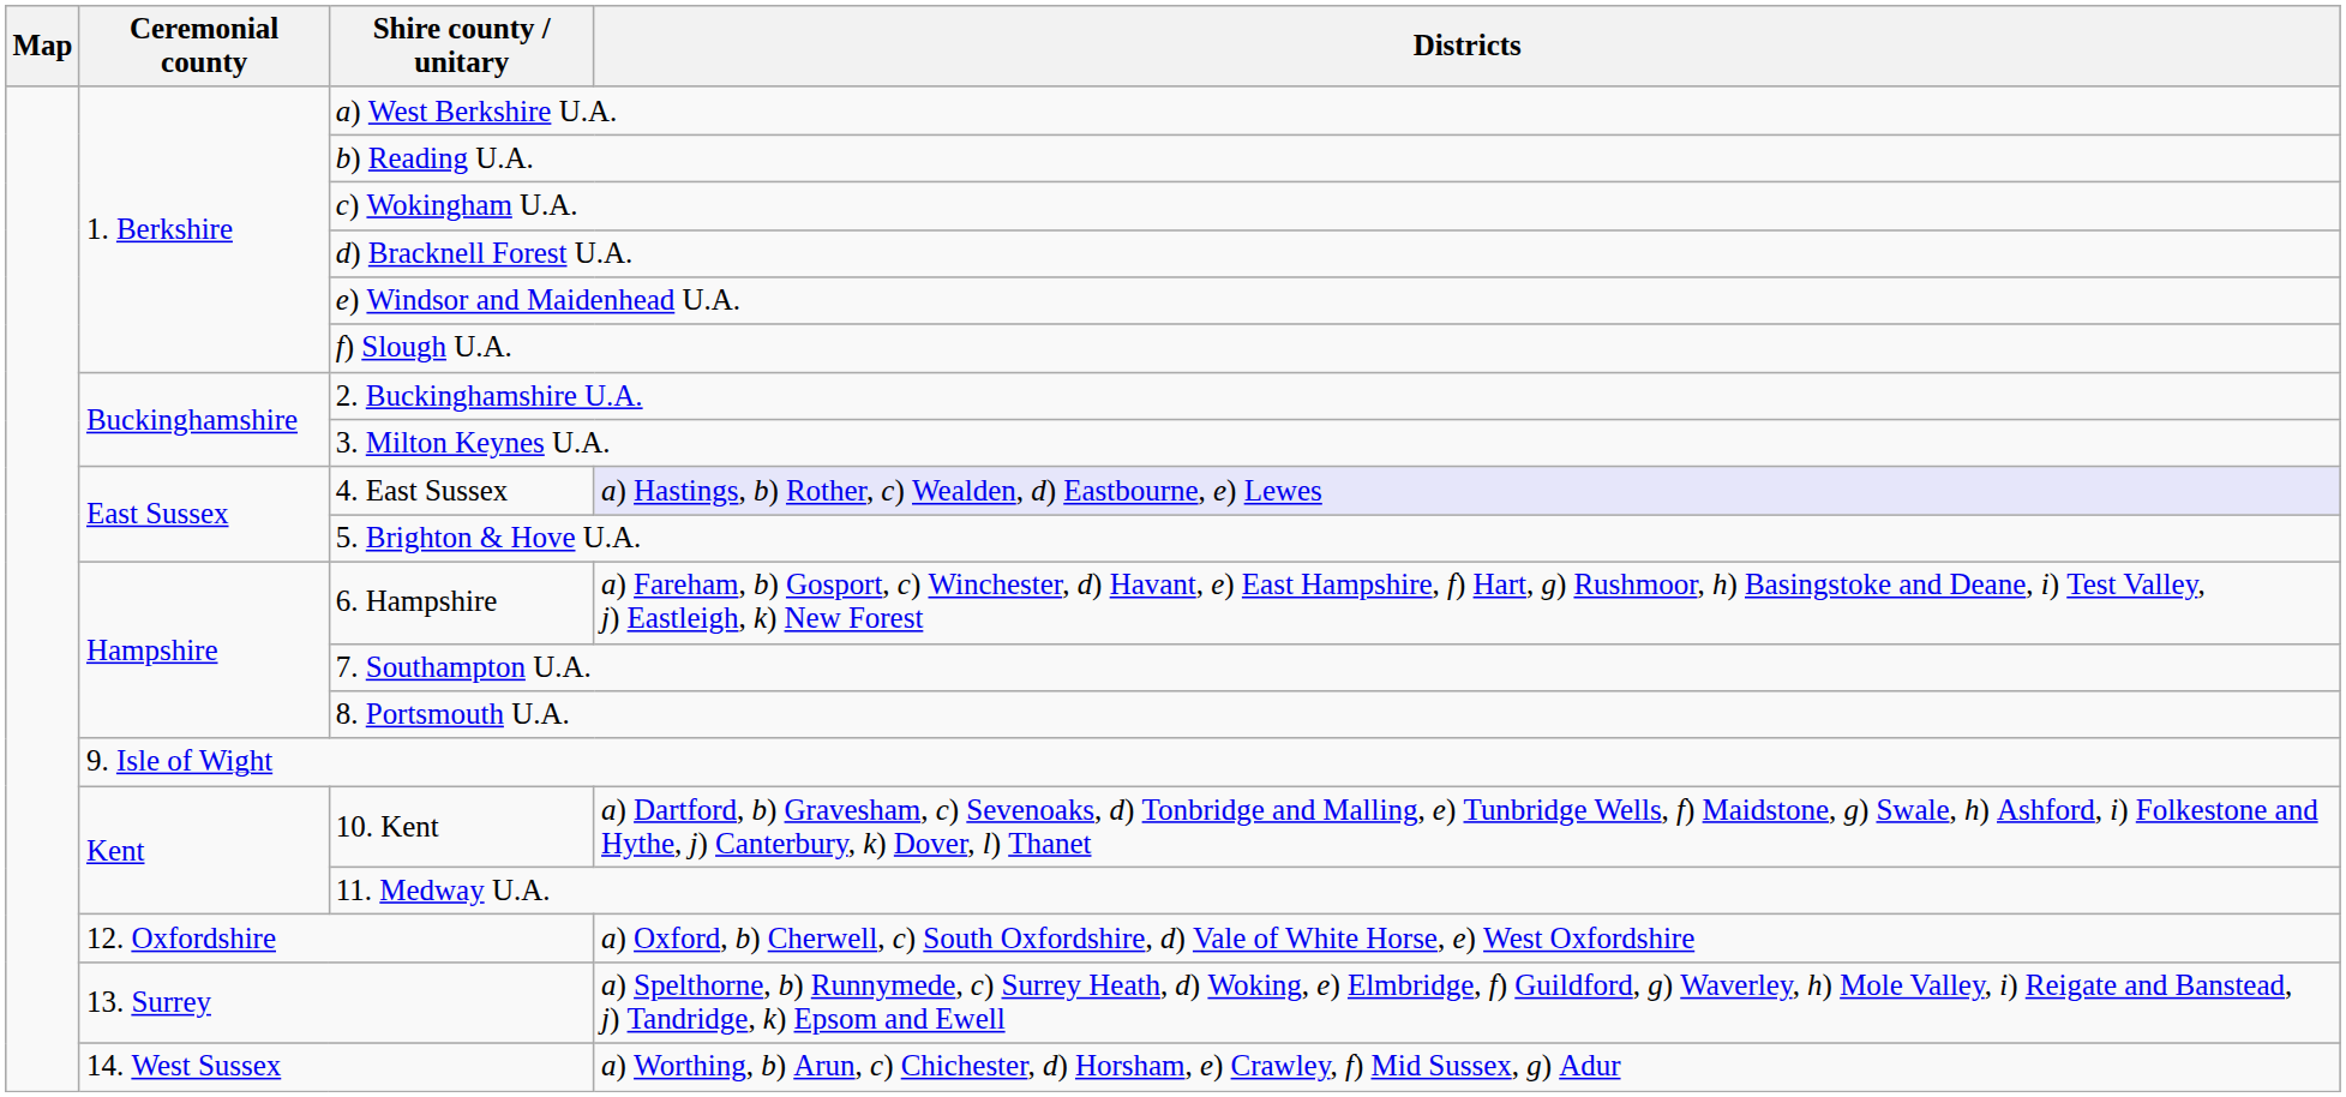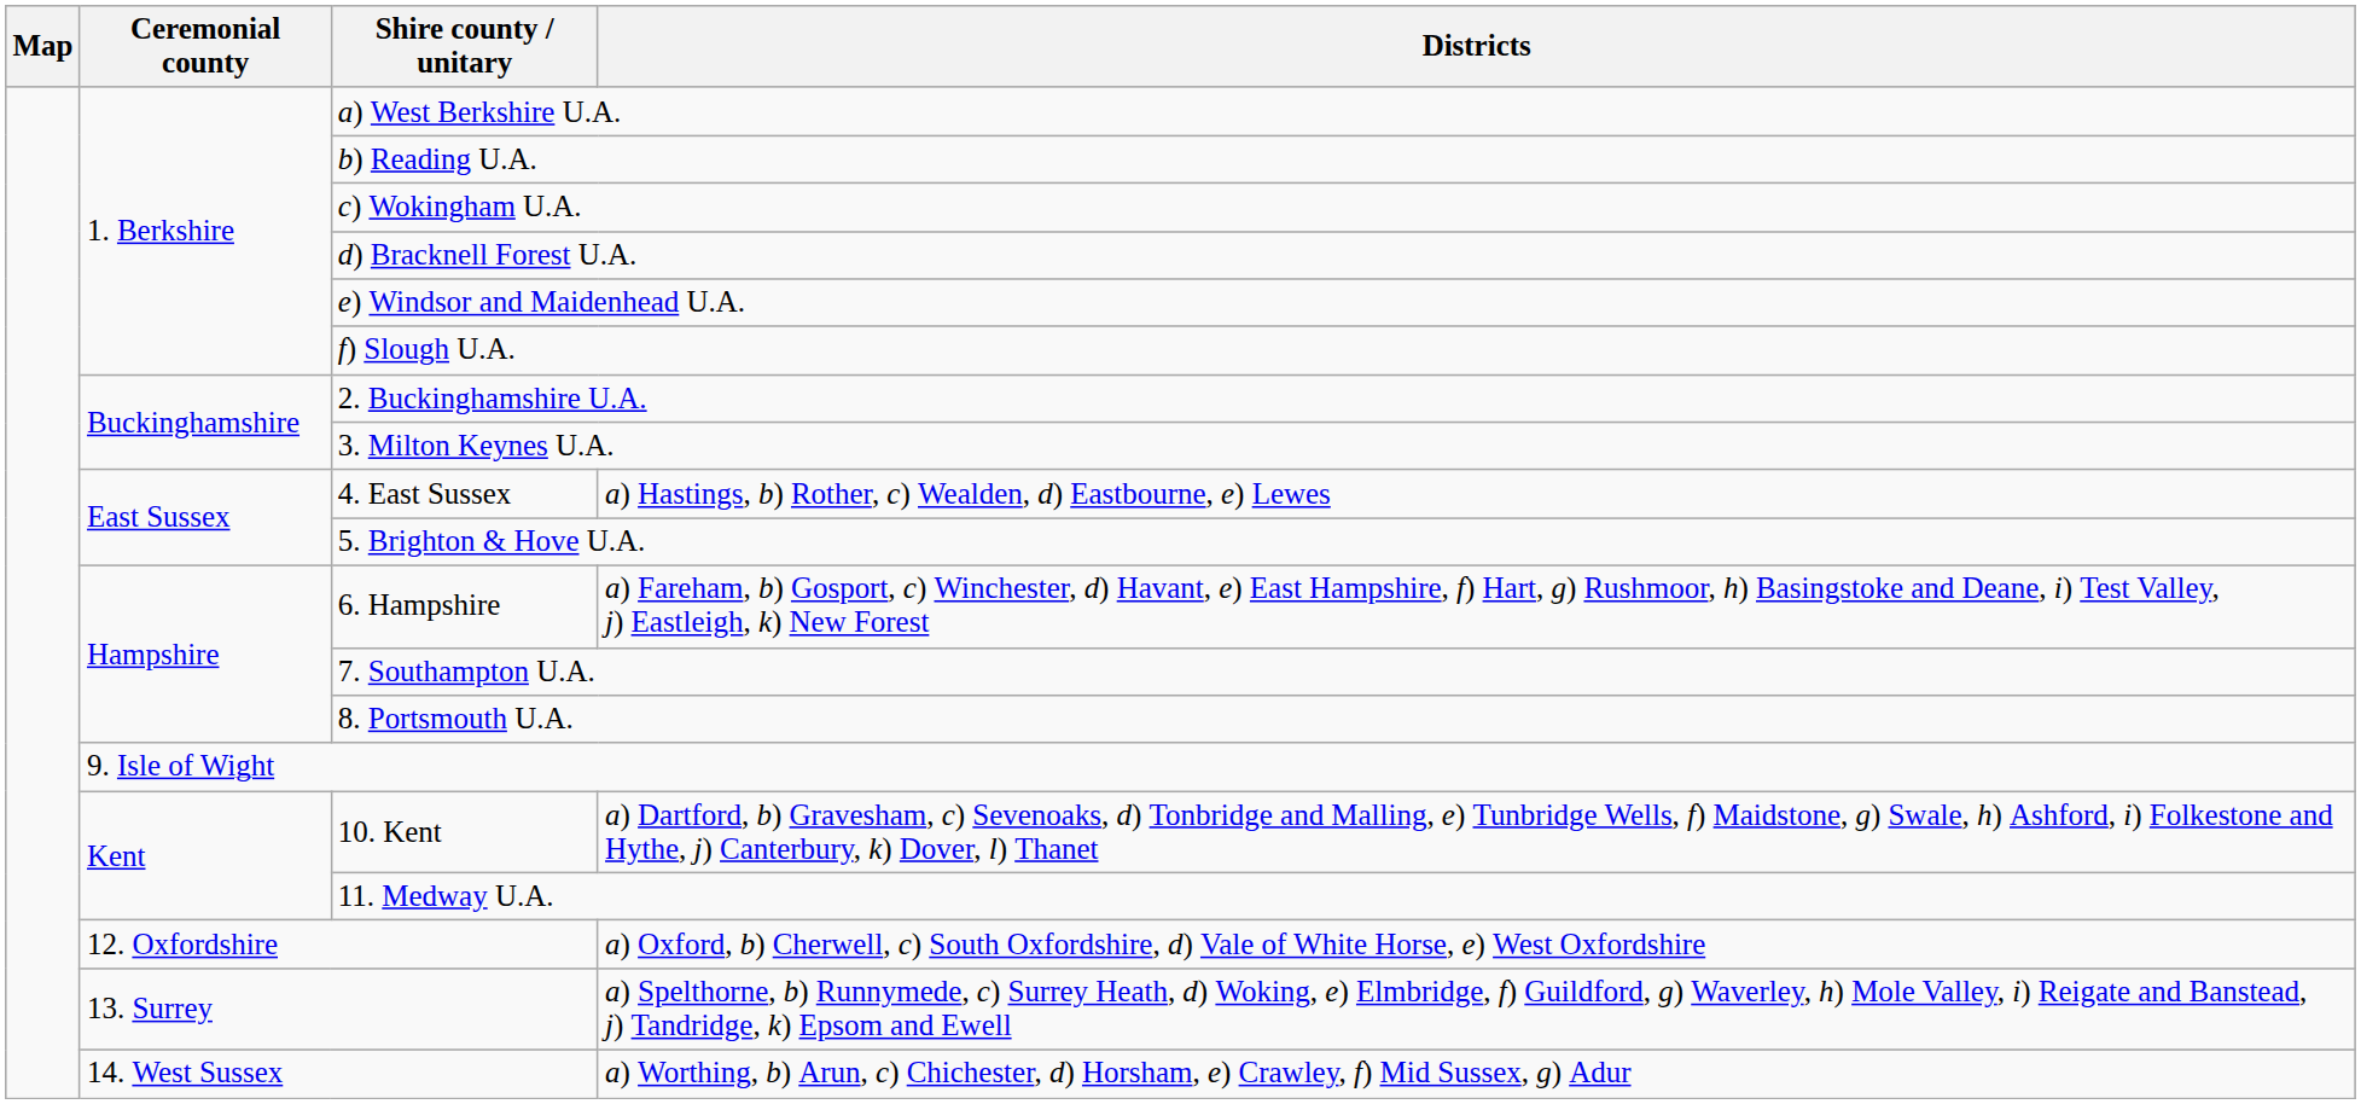 <table class="wikitable">
 <tr>
 <th>Map</th>
 <th>Ceremonial county</th>
 <th>Shire county / unitary</th>
 <th>Districts</th>
 </tr>
 <tr>
 <td rowspan="19"></td>
 <td rowspan="6" colspan="1">1. <a href='#'>Berkshire</a></td>
 <td colspan="2"><em>a</em>) <a href='#'>West Berkshire</a> U.A.</td>
 </tr>
 <tr>
 <td colspan="2"><em>b</em>) <a href='#'>Reading</a> U.A.</td>
 </tr>
 <tr>
 <td colspan="2"><em>c</em>) <a href='#'>Wokingham</a> U.A.</td>
 </tr>
 <tr>
 <td colspan="2"><em>d</em>) <a href='#'>Bracknell Forest</a> U.A.</td>
 </tr>
 <tr>
 <td colspan="2"><em>e</em>) <a href='#'>Windsor and Maidenhead</a> U.A.</td>
 </tr>
 <tr>
 <td colspan="2"><em>f</em>) <a href='#'>Slough</a> U.A.</td>
 </tr>
 <tr>
 <td rowspan="2"><a href='#'>Buckinghamshire</a></td>
 <td colspan="2">2. <a href='#'>Buckinghamshire U.A.</a></td>
 </tr>
 <tr>
 <td colspan="2">3. <a href='#'>Milton Keynes</a> U.A.</td>
 </tr>
 <tr>
 <td rowspan="2"><a href='#'>East Sussex</a></td>
 <td>4. East Sussex</td>
-<td style="background: lavender;"><em>a</em>) <a href='#'>Hastings</a>, <em>b</em>) <a href='#'>Rother</a>, <em>c</em>) <a href='#'>Wealden</a>, <em>d</em>) <a href='#'>Eastbourne</a>, <em>e</em>) <a href='#'>Lewes</a></td>
+<td><em>a</em>) <a href='#'>Hastings</a>, <em>b</em>) <a href='#'>Rother</a>, <em>c</em>) <a href='#'>Wealden</a>, <em>d</em>) <a href='#'>Eastbourne</a>, <em>e</em>) <a href='#'>Lewes</a></td>
 </tr>
 <tr>
 <td colspan="2">5. <a href='#'>Brighton & Hove</a> U.A.</td>
 </tr>
 <tr>
 <td rowspan="3"><a href='#'>Hampshire</a></td>
 <td>6. Hampshire</td>
 <td><em>a</em>) <a href='#'>Fareham</a>, <em>b</em>) <a href='#'>Gosport</a>, <em>c</em>) <a href='#'>Winchester</a>, <em>d</em>) <a href='#'>Havant</a>, <em>e</em>) <a href='#'>East Hampshire</a>, <em>f</em>) <a href='#'>Hart</a>, <em>g</em>) <a href='#'>Rushmoor</a>, <em>h</em>) <a href='#'>Basingstoke and Deane</a>, <em>i</em>) <a href='#'>Test Valley</a>, <em>j</em>) <a href='#'>Eastleigh</a>, <em>k</em>) <a href='#'>New Forest</a></td>
 </tr>
 <tr>
 <td colspan="2">7. <a href='#'>Southampton</a> U.A.</td>
 </tr>
 <tr>
 <td colspan="2">8. <a href='#'>Portsmouth</a> U.A.</td>
 </tr>
 <tr>
 <td colspan="3">9. <a href='#'>Isle of Wight</a></td>
 </tr>
 <tr>
 <td rowspan="2"><a href='#'>Kent</a></td>
 <td>10. Kent</td>
 <td><em>a</em>) <a href='#'>Dartford</a>, <em>b</em>) <a href='#'>Gravesham</a>, <em>c</em>) <a href='#'>Sevenoaks</a>, <em>d</em>) <a href='#'>Tonbridge and Malling</a>, <em>e</em>) <a href='#'>Tunbridge Wells</a>, <em>f</em>) <a href='#'>Maidstone</a>, <em>g</em>) <a href='#'>Swale</a>, <em>h</em>) <a href='#'>Ashford</a>, <em>i</em>) <a href='#'>Folkestone and Hythe</a>, <em>j</em>) <a href='#'>Canterbury</a>, <em>k</em>) <a href='#'>Dover</a>, <em>l</em>) <a href='#'>Thanet</a></td>
 </tr>
 <tr>
 <td colspan="2">11. <a href='#'>Medway</a> U.A.</td>
 </tr>
 <tr>
 <td colspan="2">12. <a href='#'>Oxfordshire</a></td>
 <td><em>a</em>) <a href='#'>Oxford</a>, <em>b</em>) <a href='#'>Cherwell</a>, <em>c</em>) <a href='#'>South Oxfordshire</a>, <em>d</em>) <a href='#'>Vale of White Horse</a>,<em> e</em>) <a href='#'>West Oxfordshire</a></td>
 </tr>
 <tr>
 <td colspan="2">13. <a href='#'>Surrey</a></td>
 <td><em>a</em>) <a href='#'>Spelthorne</a>, <em>b</em>) <a href='#'>Runnymede</a>, <em>c</em>) <a href='#'>Surrey Heath</a>, <em>d</em>) <a href='#'>Woking</a>, <em>e</em>) <a href='#'>Elmbridge</a>, <em>f</em>) <a href='#'>Guildford</a>, <em>g</em>) <a href='#'>Waverley</a>, <em>h</em>) <a href='#'>Mole Valley</a>, <em>i</em>) <a href='#'>Reigate and Banstead</a>, <em>j</em>) <a href='#'>Tandridge</a>, <em>k</em>) <a href='#'>Epsom and Ewell</a></td>
 </tr>
 <tr>
 <td colspan="2">14. <a href='#'>West Sussex</a></td>
 <td><em>a</em>) <a href='#'>Worthing</a>, <em>b</em>) <a href='#'>Arun</a>, <em>c</em>) <a href='#'>Chichester</a>, <em>d</em>) <a href='#'>Horsham</a>, <em>e</em>) <a href='#'>Crawley</a>, <em>f</em>) <a href='#'>Mid Sussex</a>, <em>g</em>) <a href='#'>Adur</a></td>
 </tr>
 </table>
